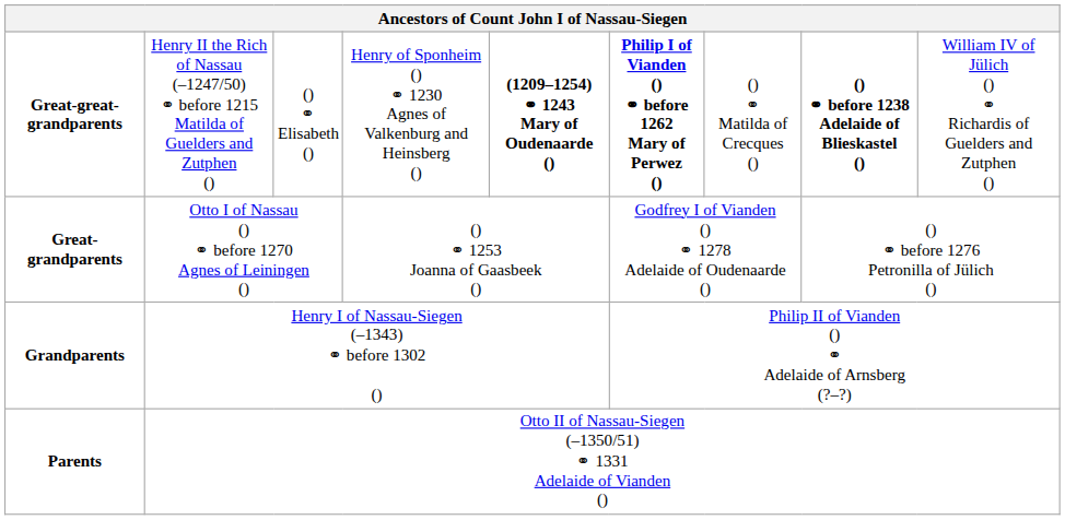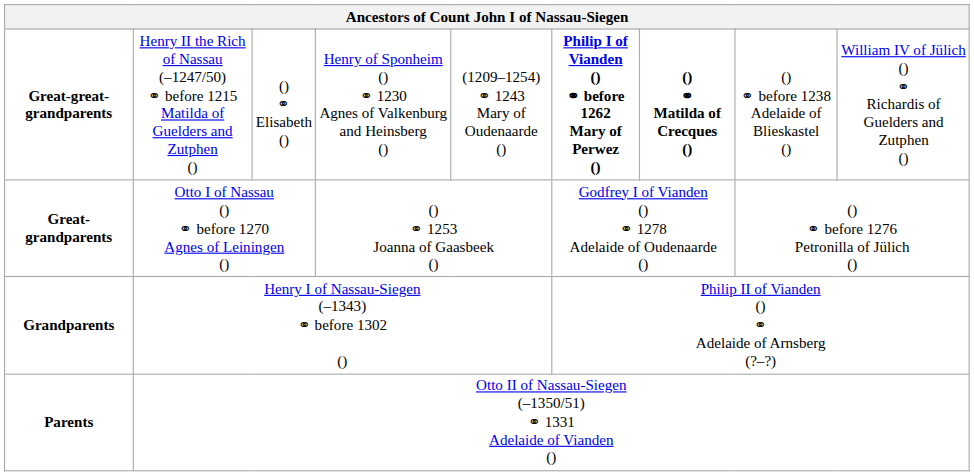 <table class="wikitable" style="background:#FFFFFF; font-size:85%; text-align:center">
 <tr bgcolor="#E0E0E0">
 <th colspan="9">Ancestors of Count John I of Nassau-Siegen</th>
 </tr>
 <tr>
 <td><strong>Great-great-grandparents</strong></td>
 <td colspan="1"><a href='#'>Henry II the Rich of Nassau</a><br>(–1247/50)<br>⚭ before 1215<br><a href='#'>Matilda of Guelders and Zutphen</a><br>()</td>
 <td colspan="1"><br>()<br>⚭<br>Elisabeth<br>()</td>
 <td colspan="1"><a href='#'>Henry of Sponheim</a><br>()<br>⚭ 1230<br>Agnes of Valkenburg and Heinsberg<br>()</td>
-<td colspan="1"><strong><br>(1209–1254)<br>⚭ 1243<br>Mary of Oudenaarde<br>()</strong></td>
+<td colspan="1"><br>(1209–1254)<br>⚭ 1243<br>Mary of Oudenaarde<br>()</td>
 <td colspan="1"><strong><a href='#'>Philip I of Vianden</a><br>()<br>⚭ before 1262<br>Mary of Perwez<br>()</strong></td>
-<td colspan="1"><br>()<br>⚭<br>Matilda of Crecques<br>()</td>
-<td colspan="1"><strong><br>()<br>⚭ before 1238<br>Adelaide of Blieskastel<br>()</strong></td>
+<td colspan="1"><strong><br>()<br>⚭<br>Matilda of Crecques<br>()</strong></td>
+<td colspan="1"><br>()<br>⚭ before 1238<br>Adelaide of Blieskastel<br>()</td>
 <td colspan="1"><a href='#'>William IV of Jülich</a><br>()<br>⚭<br>Richardis of Guelders and Zutphen<br>()</td>
 </tr>
 <tr>
 <td><strong>Great-grandparents</strong></td>
 <td colspan="2"><a href='#'>Otto I of Nassau</a><br>()<br>⚭ before 1270<br><a href='#'>Agnes of Leiningen</a><br>()</td>
 <td colspan="2"><br>()<br>⚭ 1253<br>Joanna of Gaasbeek<br>()</td>
 <td colspan="2"><a href='#'>Godfrey I of Vianden</a><br>()<br>⚭ 1278<br>Adelaide of Oudenaarde<br>()</td>
 <td colspan="2"><br>()<br>⚭ before 1276<br>Petronilla of Jülich<br>()</td>
 </tr>
 <tr>
 <td><strong>Grandparents</strong></td>
 <td colspan="4"><a href='#'>Henry I of Nassau-Siegen</a><br>(–1343)<br>⚭ before 1302<br><br>()</td>
 <td colspan="4"><a href='#'>Philip II of Vianden</a><br>()<br>⚭<br>Adelaide of Arnsberg<br>(?–?)</td>
 </tr>
 <tr>
 <td><strong>Parents</strong></td>
 <td colspan="8"><a href='#'>Otto II of Nassau-Siegen</a><br>(–1350/51)<br>⚭ 1331<br><a href='#'>Adelaide of Vianden</a><br>()</td>
 </tr>
 </table>
